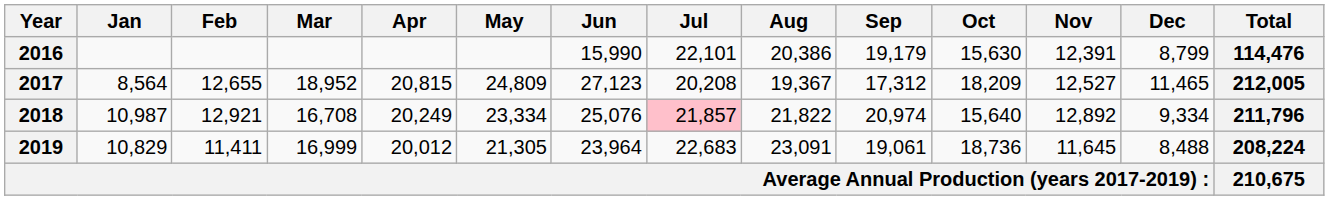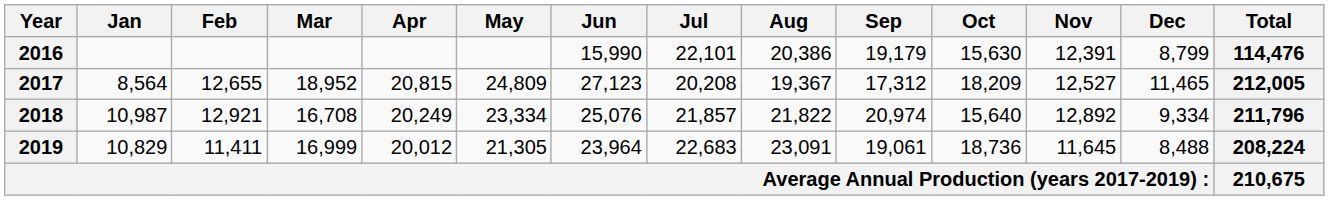 <table class=wikitable style="text-align:right; font-size:0.9em; width:950px;">
 <tr>
 <th>Year</th>
 <th>Jan</th>
 <th>Feb</th>
 <th>Mar</th>
 <th>Apr</th>
 <th>May</th>
 <th>Jun</th>
 <th>Jul</th>
 <th>Aug</th>
 <th>Sep</th>
 <th>Oct</th>
 <th>Nov</th>
 <th>Dec</th>
 <th>Total</th>
 </tr>
 <tr>
 <th>2016</th>
 <td></td>
 <td></td>
 <td></td>
 <td></td>
 <td></td>
 <td>15,990</td>
 <td>22,101</td>
 <td>20,386</td>
 <td>19,179</td>
 <td>15,630</td>
 <td>12,391</td>
 <td>8,799</td>
 <th>114,476</th>
 </tr>
 <tr>
 <th>2017</th>
 <td>8,564</td>
 <td>12,655</td>
 <td>18,952</td>
 <td>20,815</td>
 <td>24,809</td>
 <td>27,123</td>
 <td>20,208</td>
 <td>19,367</td>
 <td>17,312</td>
 <td>18,209</td>
 <td>12,527</td>
 <td>11,465</td>
 <th>212,005</th>
 </tr>
 <tr>
 <th>2018</th>
 <td>10,987</td>
 <td>12,921</td>
 <td>16,708</td>
 <td>20,249</td>
 <td>23,334</td>
 <td>25,076</td>
-<td style="background: pink;">21,857</td>
+<td>21,857</td>
 <td>21,822</td>
 <td>20,974</td>
 <td>15,640</td>
 <td>12,892</td>
 <td>9,334</td>
 <th>211,796</th>
 </tr>
 <tr>
 <th>2019</th>
 <td>10,829</td>
 <td>11,411</td>
 <td>16,999</td>
 <td>20,012</td>
 <td>21,305</td>
 <td>23,964</td>
 <td>22,683</td>
 <td>23,091</td>
 <td>19,061</td>
 <td>18,736</td>
 <td>11,645</td>
 <td>8,488</td>
 <th>208,224</th>
 </tr>
 <tr>
 <th colspan=13 style="text-align:right">Average Annual Production (years 2017-2019) :</th>
 <th>210,675</th>
 </tr>
 </table>
